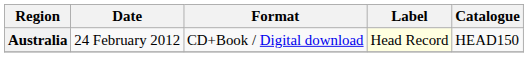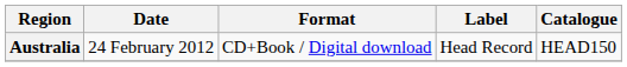 <table class="wikitable plainrowheaders">
 <tr>
 <th scope="col">Region</th>
 <th scope="col">Date</th>
 <th scope="col">Format</th>
 <th scope="col">Label</th>
 <th scope="col">Catalogue</th>
 </tr>
 <tr>
 <th scope="row">Australia</th>
 <td>24 February 2012 </td>
 <td>CD+Book / <a href='#'>Digital download</a></td>
-<td style="background: lightyellow;">Head Record</td>
+<td>Head Record</td>
 <td>HEAD150</td>
 </tr>
 <tr>
 </tr>
 </table>
